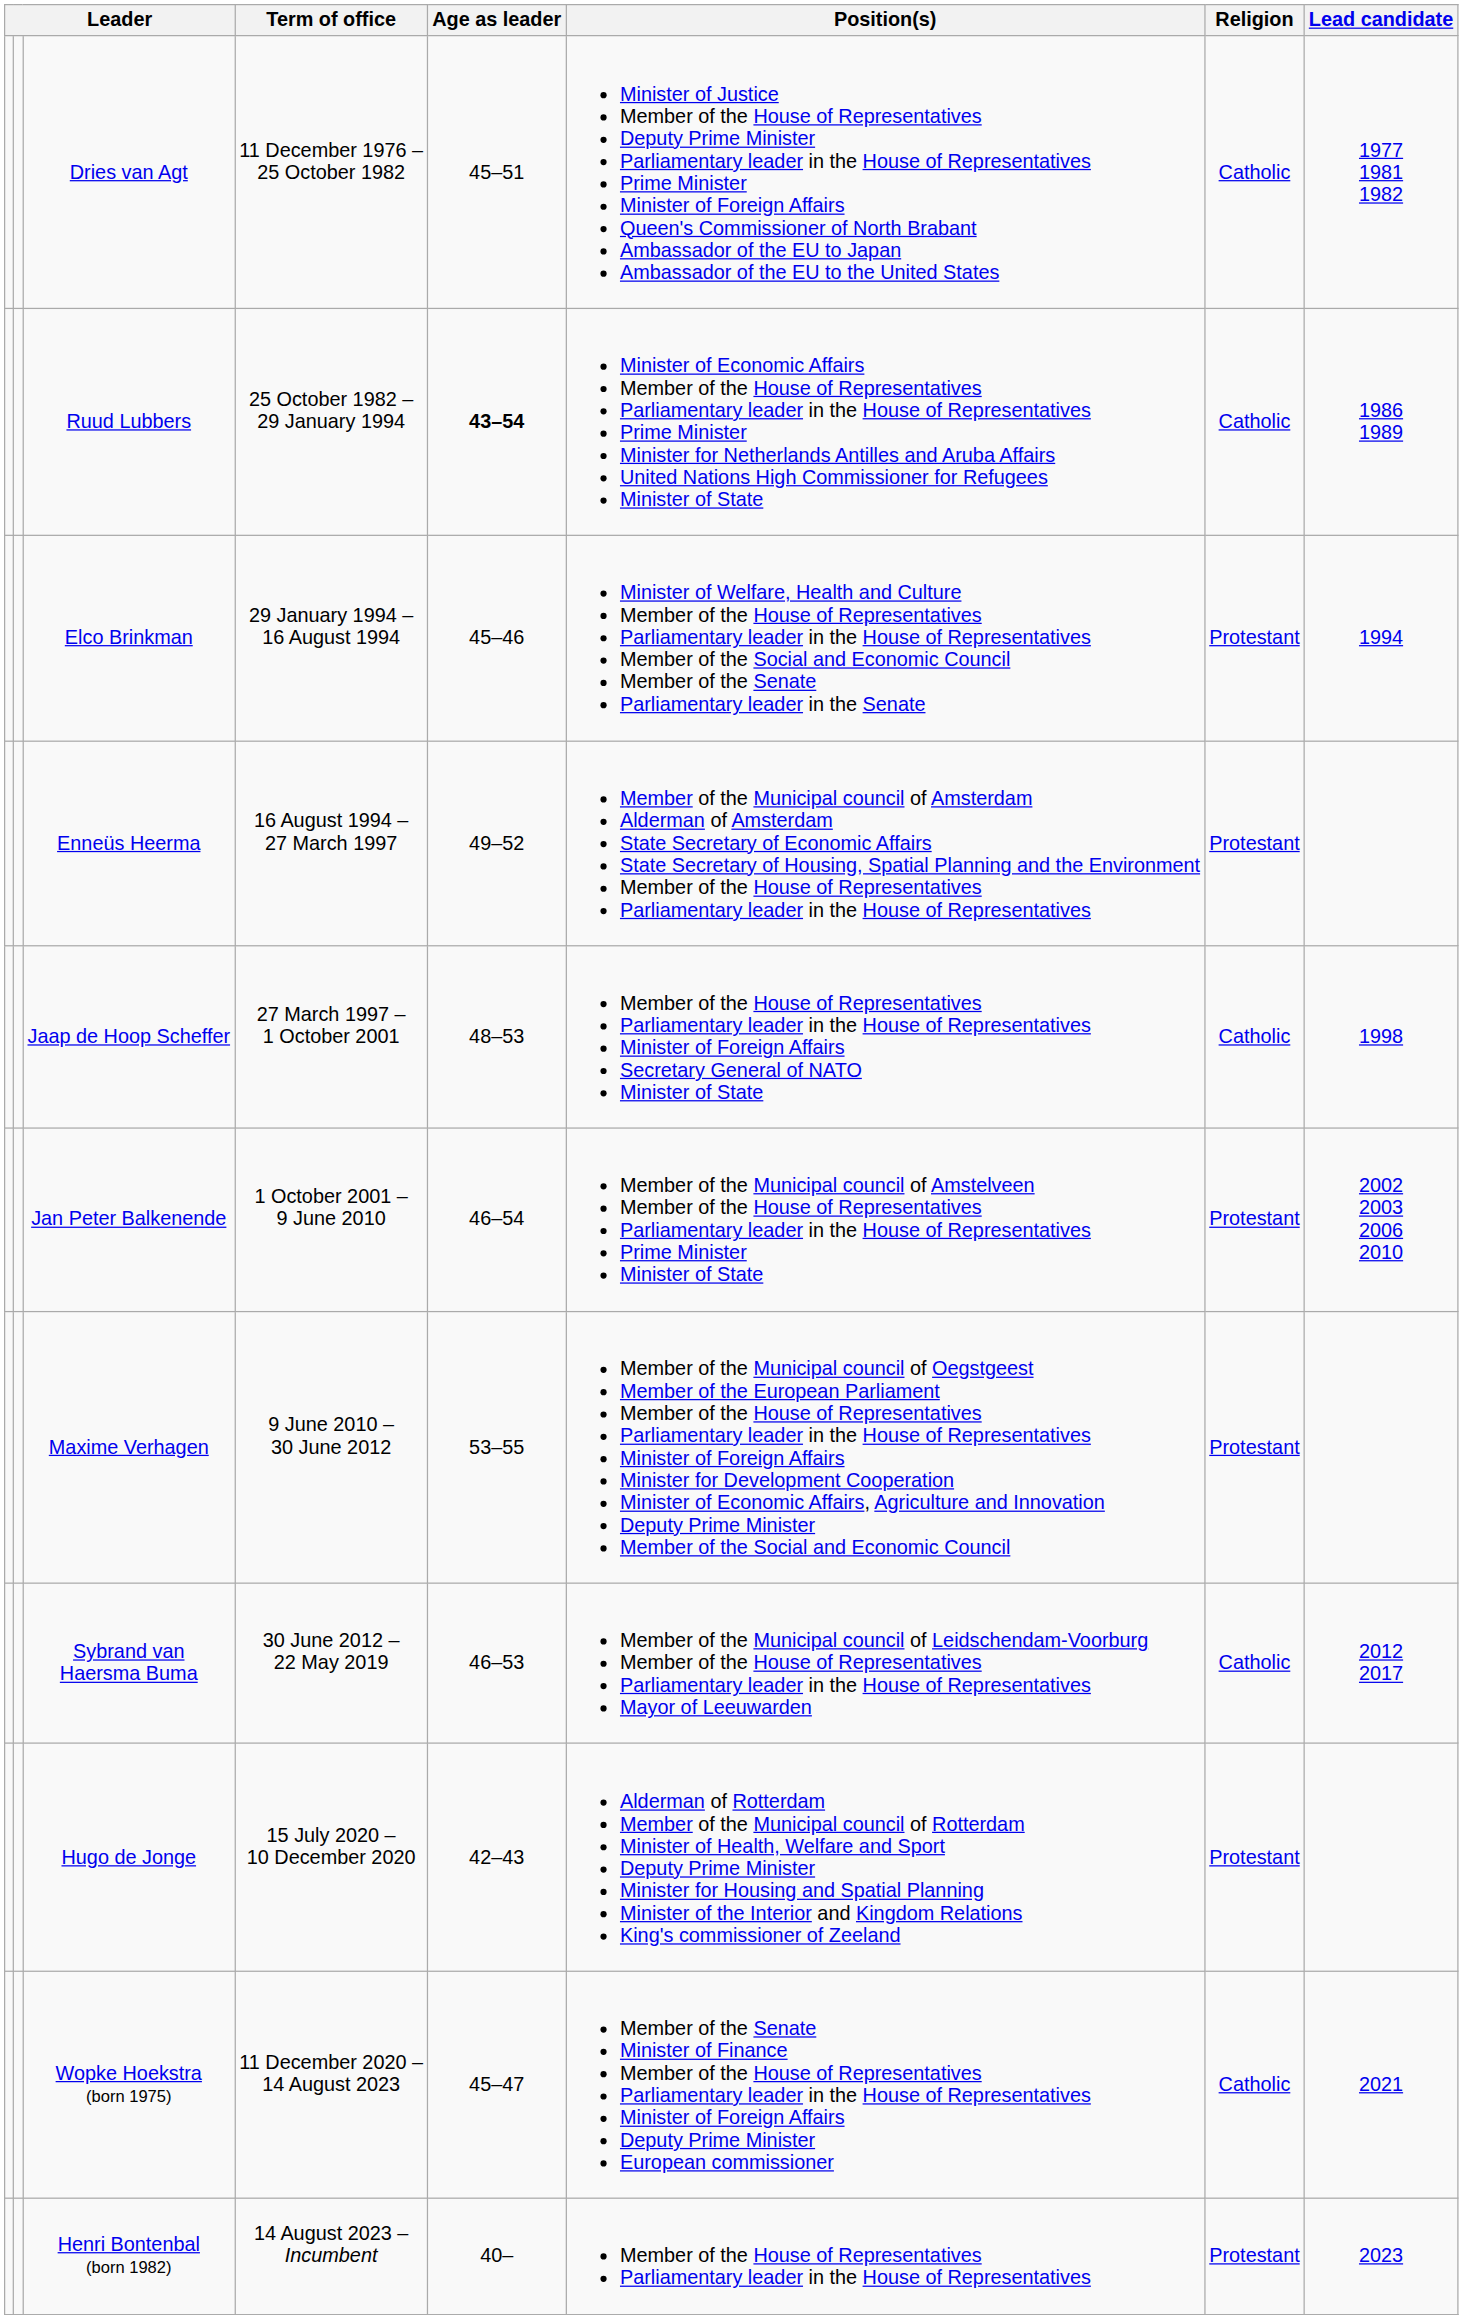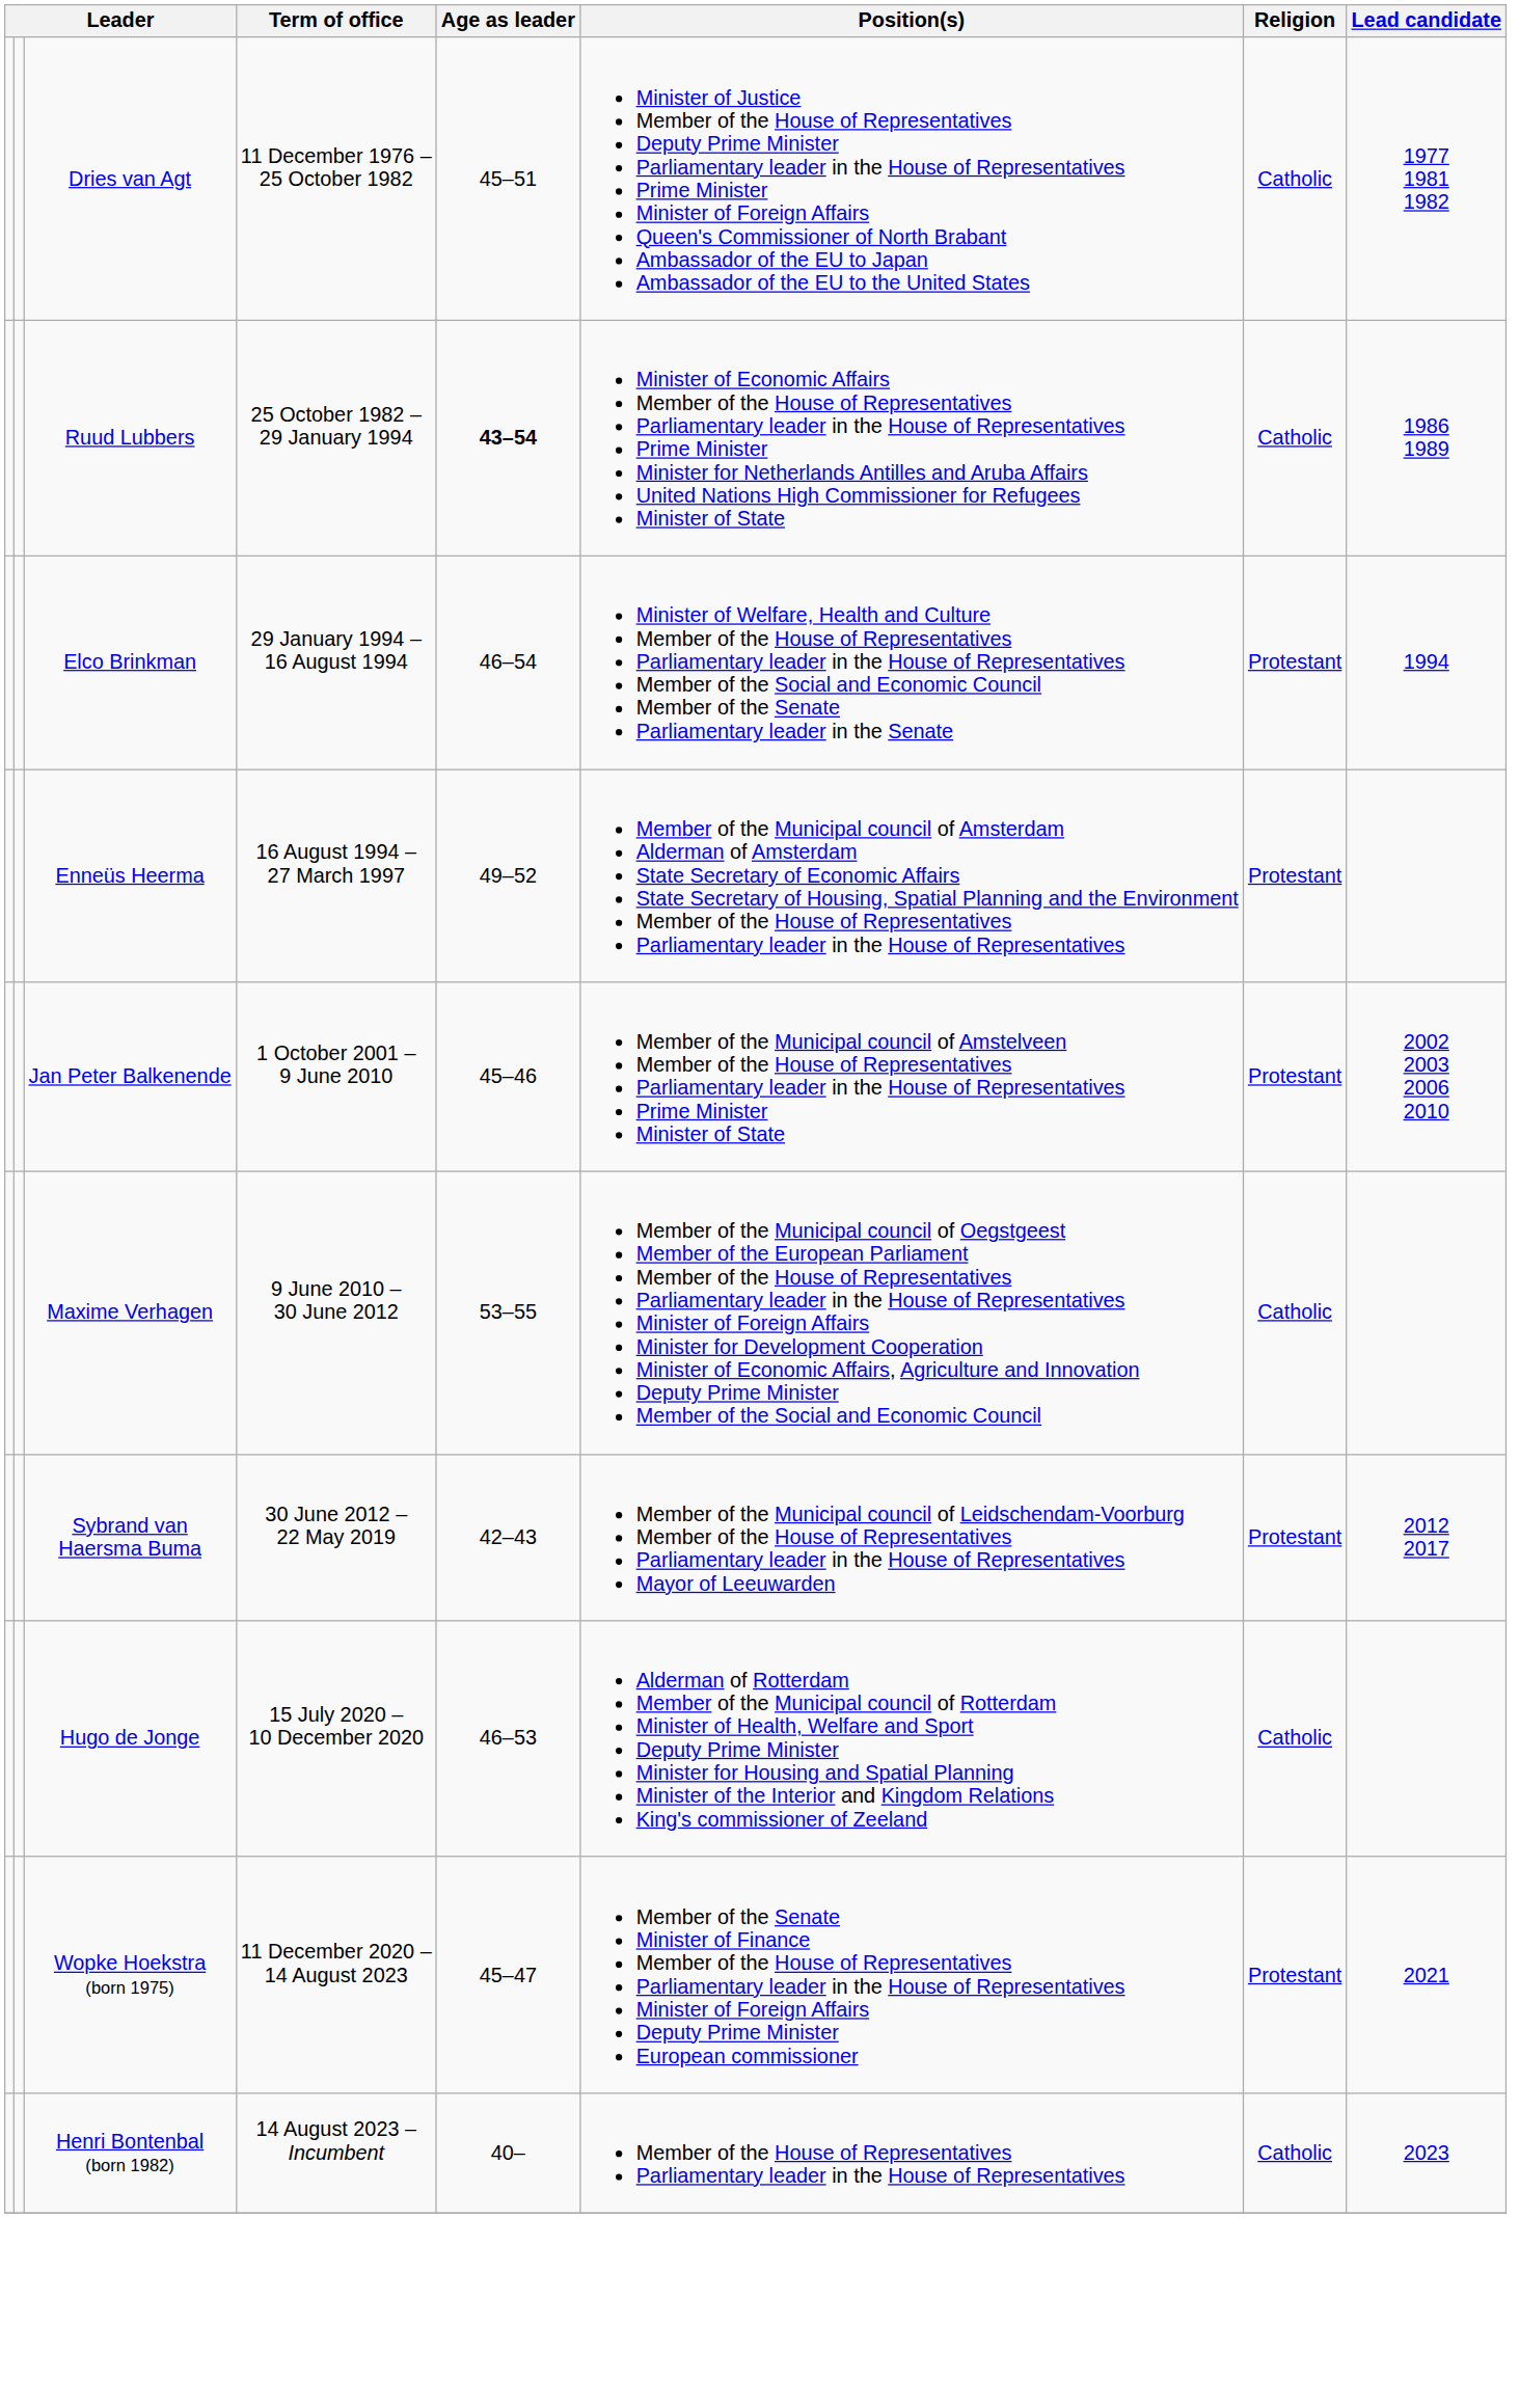 <table class="wikitable" style="text-align:center">
 <tr>
 <th colspan=3>Leader</th>
 <th>Term of office</th>
 <th>Age as leader</th>
 <th>Position(s)</th>
 <th>Religion</th>
 <th><a href='#'>Lead candidate</a></th>
 </tr>
 <tr>
 <td style="background:"></td>
 <td></td>
 <td><a href='#'>Dries van Agt</a> <br> </td>
 <td>11 December 1976 – <br> 25 October 1982 <br>  <br></td>
 <td>45–51</td>
 <td style="text-align:left"><br><ul><li><a href='#'>Minister of Justice</a> </li><li>Member of the <a href='#'>House of Representatives</a> </li><li><a href='#'>Deputy Prime Minister</a> </li><li><a href='#'>Parliamentary leader</a> in the <a href='#'>House of Representatives</a> </li><li><a href='#'>Prime Minister</a> </li><li><a href='#'>Minister of Foreign Affairs</a> </li><li><a href='#'>Queen's Commissioner of North Brabant</a> </li><li><a href='#'>Ambassador of the EU to Japan</a> </li><li><a href='#'>Ambassador of the EU to the United States</a> </li></ul></td>
 <td><a href='#'>Catholic</a></td>
 <td><a href='#'>1977</a> <br> <a href='#'>1981</a> <br> <a href='#'>1982</a></td>
 </tr>
 <tr>
 <td style="background:"></td>
 <td></td>
 <td><a href='#'>Ruud Lubbers</a> <br> </td>
 <td>25 October 1982 – <br> 29 January 1994 <br>  <br></td>
 <td><strong>43–54</strong></td>
 <td style="text-align:left"><br><ul><li><a href='#'>Minister of Economic Affairs</a> </li><li>Member of the <a href='#'>House of Representatives</a> </li><li><a href='#'>Parliamentary leader</a> in the <a href='#'>House of Representatives</a> </li><li><a href='#'>Prime Minister</a> </li><li><a href='#'>Minister for Netherlands Antilles and Aruba Affairs</a> </li><li><a href='#'>United Nations High Commissioner for Refugees</a> </li><li><a href='#'>Minister of State</a>  </li></ul></td>
 <td><a href='#'>Catholic</a></td>
 <td><a href='#'>1986</a> <br> <a href='#'>1989</a></td>
 </tr>
 <tr>
 <td style="background:"></td>
 <td></td>
 <td><a href='#'>Elco Brinkman</a> <br> </td>
 <td>29 January 1994 – <br> 16 August 1994 <br>  <br></td>
-<td>45–46</td>
+<td>46–54</td>
 <td style="text-align:left"><br><ul><li><a href='#'>Minister of Welfare, Health and Culture</a> </li><li>Member of the <a href='#'>House of Representatives</a> </li><li><a href='#'>Parliamentary leader</a> in the <a href='#'>House of Representatives</a> </li><li>Member of the <a href='#'>Social and Economic Council</a> </li><li>Member of the <a href='#'>Senate</a> </li><li><a href='#'>Parliamentary leader</a> in the <a href='#'>Senate</a> </li></ul></td>
 <td><a href='#'>Protestant</a> <br> </td>
 <td><a href='#'>1994</a></td>
 </tr>
 <tr>
 <td style="background:"></td>
 <td></td>
 <td><a href='#'>Enneüs Heerma</a> <br> </td>
 <td>16 August 1994 – <br> 27 March 1997 <br>  <br></td>
 <td>49–52</td>
 <td style="text-align:left"><br><ul><li><a href='#'>Member</a> of the <a href='#'>Municipal council</a> of <a href='#'>Amsterdam</a> </li><li><a href='#'>Alderman</a> of <a href='#'>Amsterdam</a> </li><li><a href='#'>State Secretary of Economic Affairs</a> </li><li><a href='#'>State Secretary of Housing, Spatial Planning and the Environment</a> </li><li>Member of the <a href='#'>House of Representatives</a> </li><li><a href='#'>Parliamentary leader</a> in the <a href='#'>House of Representatives</a> </li></ul></td>
 <td><a href='#'>Protestant</a> <br> </td>
 <td></td>
 </tr>
 <tr>
 <td style="background:"></td>
 <td></td>
-<td><a href='#'>Jaap de Hoop Scheffer</a> <br> </td>
-<td>27 March 1997 – <br> 1 October 2001 <br>  <br></td>
-<td>48–53</td>
-<td style="text-align:left"><br><ul><li>Member of the <a href='#'>House of Representatives</a> </li><li><a href='#'>Parliamentary leader</a> in the <a href='#'>House of Representatives</a> </li><li><a href='#'>Minister of Foreign Affairs</a> </li><li><a href='#'>Secretary General of NATO</a> </li><li><a href='#'>Minister of State</a>  </li></ul></td>
-<td><a href='#'>Catholic</a></td>
-<td><a href='#'>1998</a></td>
-</tr>
-<tr>
-<td style="background:"></td>
-<td></td>
 <td><a href='#'>Jan Peter Balkenende</a> <br> </td>
 <td>1 October 2001 – <br> 9 June 2010 <br>  <br></td>
-<td>46–54</td>
+<td>45–46</td>
 <td style="text-align:left"><br><ul><li>Member of the <a href='#'>Municipal council</a> of <a href='#'>Amstelveen</a> </li><li>Member of the <a href='#'>House of Representatives</a> </li><li><a href='#'>Parliamentary leader</a> in the <a href='#'>House of Representatives</a> </li><li><a href='#'>Prime Minister</a> </li><li><a href='#'>Minister of State</a>  </li></ul></td>
 <td><a href='#'>Protestant</a> <br> </td>
 <td><a href='#'>2002</a> <br> <a href='#'>2003</a> <br> <a href='#'>2006</a> <br> <a href='#'>2010</a></td>
 </tr>
 <tr>
 <td style="background:"></td>
 <td></td>
 <td><a href='#'>Maxime Verhagen</a> <br> </td>
 <td>9 June 2010 – <br> 30 June 2012 <br>  <br></td>
 <td>53–55</td>
 <td style="text-align:left"><br><ul><li>Member of the <a href='#'>Municipal council</a> of <a href='#'>Oegstgeest</a> </li><li><a href='#'>Member of the European Parliament</a> </li><li>Member of the <a href='#'>House of Representatives</a> </li><li><a href='#'>Parliamentary leader</a> in the <a href='#'>House of Representatives</a> </li><li><a href='#'>Minister of Foreign Affairs</a> </li><li><a href='#'>Minister for Development Cooperation</a> </li><li><a href='#'>Minister of Economic Affairs</a>, <a href='#'>Agriculture and Innovation</a> </li><li><a href='#'>Deputy Prime Minister</a> </li><li><a href='#'>Member of the Social and Economic Council</a> </li></ul></td>
-<td><a href='#'>Protestant</a> <br> </td>
+<td><a href='#'>Catholic</a></td>
 <td></td>
 </tr>
 <tr>
 <td style="background:"></td>
 <td></td>
 <td><a href='#'>Sybrand van <br> Haersma Buma</a> <br> </td>
 <td>30 June 2012 – <br> 22 May 2019 <br>  <br></td>
-<td>46–53</td>
+<td>42–43</td>
 <td style="text-align:left"><br><ul><li>Member of the <a href='#'>Municipal council</a> of <a href='#'>Leidschendam-Voorburg</a> </li><li>Member of the <a href='#'>House of Representatives</a> </li><li><a href='#'>Parliamentary leader</a> in the <a href='#'>House of Representatives</a> </li><li><a href='#'>Mayor of Leeuwarden</a> </li></ul></td>
-<td><a href='#'>Catholic</a></td>
+<td><a href='#'>Protestant</a> <br> </td>
 <td><a href='#'>2012</a> <br> <a href='#'>2017</a></td>
 </tr>
 <tr>
 <td style="background:"></td>
 <td></td>
 <td><a href='#'>Hugo de Jonge</a> <br> </td>
 <td>15 July 2020 – <br> 10 December 2020 <br>  <br></td>
-<td>42–43</td>
+<td>46–53</td>
 <td style="text-align:left"><br><ul><li><a href='#'>Alderman</a> of <a href='#'>Rotterdam</a> </li><li><a href='#'>Member</a> of the <a href='#'>Municipal council</a> of <a href='#'>Rotterdam</a> </li><li><a href='#'>Minister of Health, Welfare and Sport</a> </li><li><a href='#'>Deputy Prime Minister</a> </li><li><a href='#'>Minister for Housing and Spatial Planning</a> </li><li><a href='#'>Minister of the Interior</a> and <a href='#'>Kingdom Relations</a> </li><li><a href='#'>King's commissioner of Zeeland</a> </li></ul></td>
-<td><a href='#'>Protestant</a> <br> </td>
+<td><a href='#'>Catholic</a></td>
 <td></td>
 </tr>
 <tr>
 <td style="background:"></td>
 <td></td>
 <td><a href='#'>Wopke Hoekstra</a> <br> <small>(born 1975)</small></td>
 <td>11 December 2020 – <br> 14 August 2023 <br>  <br></td>
 <td>45–47</td>
 <td style="text-align:left"><br><ul><li>Member of the <a href='#'>Senate</a> </li><li><a href='#'>Minister of Finance</a> </li><li>Member of the <a href='#'>House of Representatives</a> </li><li><a href='#'>Parliamentary leader</a> in the <a href='#'>House of Representatives</a> </li><li><a href='#'>Minister of Foreign Affairs</a> </li><li><a href='#'>Deputy Prime Minister</a> </li><li><a href='#'>European commissioner</a> </li></ul></td>
-<td><a href='#'>Catholic</a></td>
+<td><a href='#'>Protestant</a> <br> </td>
 <td><a href='#'>2021</a></td>
 </tr>
 <tr>
 <td style="background:"></td>
 <td></td>
 <td><a href='#'>Henri Bontenbal</a> <br> <small>(born 1982)</small></td>
 <td>14 August 2023 – <br> <em>Incumbent</em> <br>  <br></td>
 <td>40–<em></em></td>
 <td style="text-align:left"><br><ul><li>Member of the <a href='#'>House of Representatives</a> </li><li><a href='#'>Parliamentary leader</a> in the <a href='#'>House of Representatives</a> </li></ul></td>
-<td><a href='#'>Protestant</a> <br> </td>
+<td><a href='#'>Catholic</a></td>
 <td><a href='#'>2023</a></td>
 </tr>
 <tr>
 </tr>
 </table>
